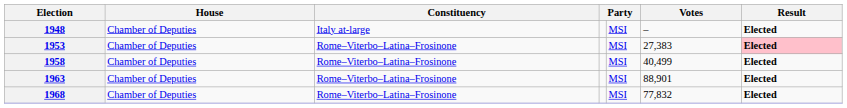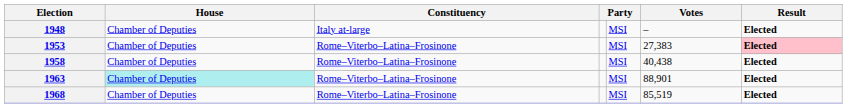 <table class=wikitable style="width:65%; border:1px #AAAAFF solid">
 <tr>
 <th width=12%>Election</th>
 <th width=25%>House</th>
 <th width=34%>Constituency</th>
 <th width=5% colspan="2">Party</th>
 <th width=12%>Votes</th>
 <th width=12%>Result</th>
 </tr>
 <tr>
 <th><a href='#'>1948</a></th>
 <td><a href='#'>Chamber of Deputies</a></td>
 <td><a href='#'>Italy at-large</a></td>
 <td></td>
 <td><a href='#'>MSI</a></td>
 <td>–</td>
 <td> <strong>Elected</strong></td>
 </tr>
 <tr>
 <th><a href='#'>1953</a></th>
 <td><a href='#'>Chamber of Deputies</a></td>
 <td><a href='#'>Rome–Viterbo–Latina–Frosinone</a></td>
 <td></td>
 <td><a href='#'>MSI</a></td>
 <td>27,383</td>
 <td style="background: pink;"> <strong>Elected</strong></td>
 </tr>
 <tr>
 <th><a href='#'>1958</a></th>
 <td><a href='#'>Chamber of Deputies</a></td>
 <td><a href='#'>Rome–Viterbo–Latina–Frosinone</a></td>
 <td></td>
 <td><a href='#'>MSI</a></td>
-<td>40,499</td>
+<td>40,438</td>
 <td> <strong>Elected</strong></td>
 </tr>
 <tr>
 <th><a href='#'>1963</a></th>
-<td><a href='#'>Chamber of Deputies</a></td>
+<td style="background: paleturquoise;"><a href='#'>Chamber of Deputies</a></td>
 <td><a href='#'>Rome–Viterbo–Latina–Frosinone</a></td>
 <td></td>
 <td><a href='#'>MSI</a></td>
 <td>88,901</td>
 <td> <strong>Elected</strong></td>
 </tr>
 <tr>
 <th><a href='#'>1968</a></th>
 <td><a href='#'>Chamber of Deputies</a></td>
 <td><a href='#'>Rome–Viterbo–Latina–Frosinone</a></td>
 <td></td>
 <td><a href='#'>MSI</a></td>
-<td>77,832</td>
+<td>85,519</td>
 <td> <strong>Elected</strong></td>
 </tr>
 <tr>
 </tr>
 </table>
